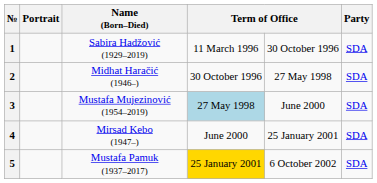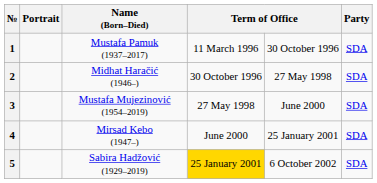 <table class="wikitable" style="text-align:center">
 <tr ->
 <th>№</th>
 <th>Portrait</th>
 <th width=180>Name<br><small>(Born–Died)</small></th>
 <th colspan=2>Term of Office</th>
 <th>Party</th>
 </tr>
 <tr ->
 <th style="background:">1</th>
 <td></td>
-<td><a href='#'>Sabira Hadžović</a><br><small>(1929–2019)</small></td>
+<td><a href='#'>Mustafa Pamuk</a><br><small>(1937–2017)</small></td>
 <td>11 March 1996</td>
 <td>30 October 1996</td>
 <td><a href='#'>SDA</a></td>
 </tr>
 <tr ->
 <th style="background:">2</th>
 <td></td>
 <td><a href='#'>Midhat Haračić</a><br><small>(1946–)</small></td>
 <td>30 October 1996</td>
 <td>27 May 1998</td>
 <td><a href='#'>SDA</a></td>
 </tr>
 <tr ->
 <th style="background:">3</th>
 <td></td>
 <td><a href='#'>Mustafa Mujezinović</a><br><small>(1954–2019)</small></td>
-<td style="background: lightblue;">27 May 1998</td>
+<td>27 May 1998</td>
 <td>June 2000</td>
 <td><a href='#'>SDA</a></td>
 </tr>
 <tr ->
 <th style="background:">4</th>
 <td></td>
 <td><a href='#'>Mirsad Kebo</a><br><small>(1947–)</small></td>
 <td>June 2000</td>
 <td>25 January 2001</td>
 <td><a href='#'>SDA</a></td>
 </tr>
 <tr ->
 <th style="background:">5</th>
 <td></td>
-<td><a href='#'>Mustafa Pamuk</a><br><small>(1937–2017)</small></td>
+<td><a href='#'>Sabira Hadžović</a><br><small>(1929–2019)</small></td>
 <td style="background: gold;">25 January 2001</td>
 <td>6 October 2002</td>
 <td><a href='#'>SDA</a></td>
 </tr>
 </table>
